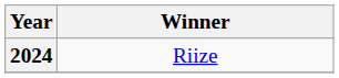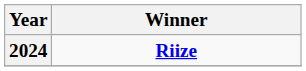 <table class="wikitable plainrowheaders" style="text-align:center">
 <tr>
 <th scope="col">Year</th>
 <th scope="col" width="200">Winner</th>
 </tr>
 <tr>
 <th scope="row">2024</th>
-<td><a href='#'>Riize</a></td>
+<td><strong><a href='#'>Riize</a></strong></td>
 </tr>
 <tr>
 </tr>
 </table>
